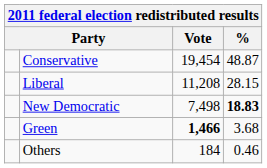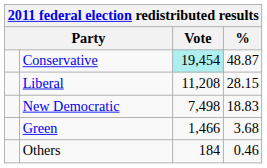 <table class="wikitable">
 <tr>
 <th colspan="4"><a href='#'>2011 federal election</a> redistributed results</th>
 </tr>
 <tr>
 <th bgcolor="#DDDDFF" width="130px" colspan="2">Party</th>
 <th bgcolor="#DDDDFF" width="50px">Vote</th>
 <th bgcolor="#DDDDFF" width="30px">%</th>
 </tr>
 <tr>
 <td> </td>
 <td><a href='#'>Conservative</a></td>
-<td align=right>19,454</td>
+<td align=right style="background: paleturquoise;">19,454</td>
 <td align=right>48.87</td>
 </tr>
 <tr>
 <td> </td>
 <td><a href='#'>Liberal</a></td>
 <td align=right>11,208</td>
 <td align=right>28.15</td>
 </tr>
 <tr>
 <td> </td>
 <td><a href='#'>New Democratic</a></td>
 <td align=right>7,498</td>
-<td align=right><strong>18.83</strong></td>
+<td align=right>18.83</td>
 </tr>
 <tr>
 <td> </td>
 <td><a href='#'>Green</a></td>
-<td align=right><strong>1,466</strong></td>
+<td align=right>1,466</td>
 <td align=right>3.68</td>
 </tr>
 <tr>
 <td> </td>
 <td>Others</td>
 <td align=right>184</td>
 <td align=right>0.46</td>
 </tr>
 </table>
